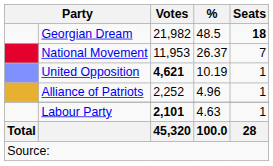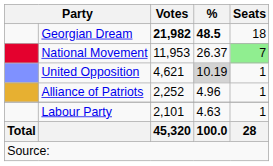 <table class="wikitable">
 <tr>
 <th colspan="2">Party</th>
 <th scope="col">Votes</th>
 <th scope="col">%</th>
 <th scope="col">Seats</th>
 </tr>
 <tr>
 <td style="background:"></td>
 <td align=left><a href='#'>Georgian Dream</a></td>
-<td>21,982</td>
-<td>48.5</td>
-<td align=right><strong>18</strong></td>
+<td><strong>21,982</strong></td>
+<td><strong>48.5</strong></td>
+<td align=right>18</td>
 </tr>
 <tr>
 <td style="background:#e4012e"></td>
 <td align=left><a href='#'>National Movement</a></td>
 <td>11,953</td>
 <td>26.37</td>
-<td align=right>7</td>
+<td align=right style="background: lightgreen;">7</td>
 </tr>
 <tr>
 <td style="background:#7f91ff"></td>
 <td align=left><a href='#'>United Opposition</a></td>
-<td><strong>4,621</strong></td>
-<td>10.19</td>
+<td>4,621</td>
+<td style="background: lightgrey;">10.19</td>
 <td align=right>1</td>
 </tr>
 <tr>
 <td style="background:#E7B031"></td>
 <td align=left><a href='#'>Alliance of Patriots</a></td>
 <td>2,252</td>
 <td>4.96</td>
 <td align=right>1</td>
 </tr>
 <tr>
 </tr>
 <tr>
 <td bgcolor=></td>
 <td align=left><a href='#'>Labour Party</a></td>
-<td><strong>2,101</strong></td>
+<td>2,101</td>
 <td>4.63</td>
 <td align=right>1</td>
 </tr>
 <tr>
 <th colspan=1>Total</th>
 <th></th>
 <th>45,320</th>
 <th>100.0</th>
 <th>28</th>
 </tr>
 <tr>
 <td colspan=5>Source:  </td>
 </tr>
 </table>
